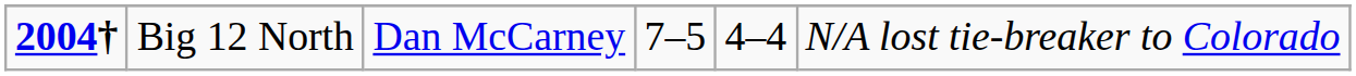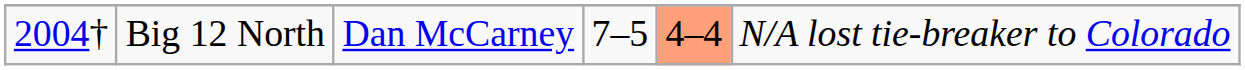 <table class="wikitable">
 <tr>
 </tr>
 <tr>
-<td><strong><a href='#'>2004</a>†</strong></td>
+<td><a href='#'>2004</a>†</td>
 <td>Big 12 North</td>
 <td><a href='#'>Dan McCarney</a></td>
 <td>7–5</td>
-<td>4–4</td>
+<td style="background: lightsalmon;">4–4</td>
 <td colspan="2'"><em>N/A lost tie-breaker to <a href='#'>Colorado</a></em></td>
 </tr>
 </table>
